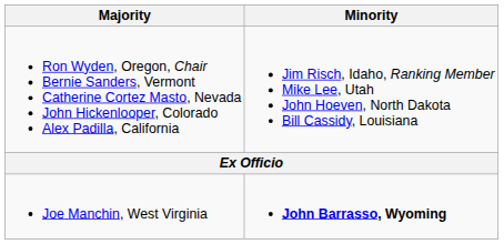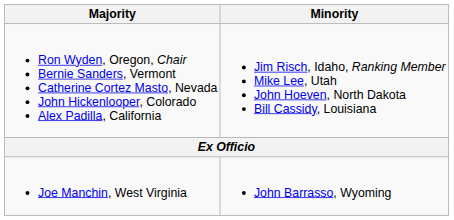 <table class=wikitable>
 <tr>
 <th>Majority</th>
 <th>Minority</th>
 </tr>
 <tr>
 <td><br><ul><li><a href='#'>Ron Wyden</a>, Oregon, <em>Chair</em></li><li><span><a href='#'>Bernie Sanders</a>, Vermont</span></li><li><a href='#'>Catherine Cortez Masto</a>, Nevada</li><li><a href='#'>John Hickenlooper</a>, Colorado</li><li><a href='#'>Alex Padilla</a>, California</li></ul></td>
 <td><br><ul><li><a href='#'>Jim Risch</a>, Idaho, <em>Ranking Member</em></li><li><a href='#'>Mike Lee</a>, Utah</li><li><a href='#'>John Hoeven</a>, North Dakota</li><li><a href='#'>Bill Cassidy</a>, Louisiana</li></ul></td>
 </tr>
 <tr>
 <th colspan=2><em>Ex Officio</em></th>
 </tr>
 <tr>
 <td><br><ul><li><span><a href='#'>Joe Manchin</a>, West Virginia</span></li></ul></td>
-<td><strong><br><ul><li><a href='#'>John Barrasso</a>, Wyoming</li></ul></strong></td>
+<td><br><ul><li><a href='#'>John Barrasso</a>, Wyoming</li></ul></td>
 </tr>
 </table>
